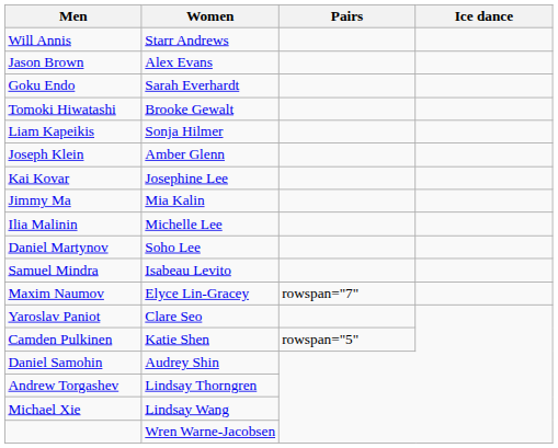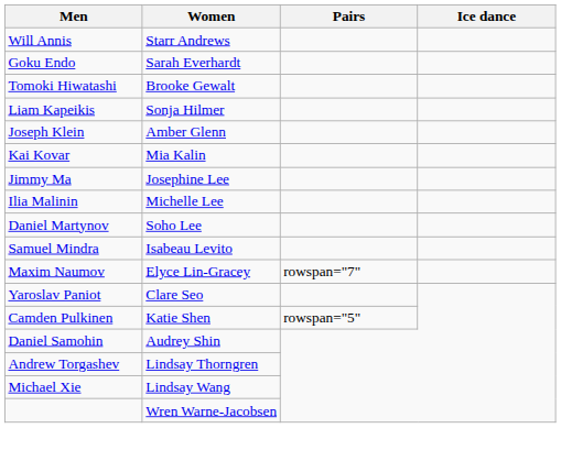 <table class="wikitable unsortable" style="text-align:left;">
 <tr>
 <th scope="col" style="width:25%">Men</th>
 <th scope="col" style="width:25%">Women</th>
 <th scope="col" style="width:25%">Pairs</th>
 <th scope="col" style="width:25%">Ice dance</th>
 </tr>
 <tr>
 <td><a href='#'>Will Annis</a></td>
 <td><a href='#'>Starr Andrews</a></td>
-<td></td>
-<td></td>
-</tr>
-<tr>
-<td><a href='#'>Jason Brown</a></td>
-<td><a href='#'>Alex Evans</a></td>
 <td></td>
 <td></td>
 </tr>
 <tr>
 <td><a href='#'>Goku Endo</a></td>
 <td><a href='#'>Sarah Everhardt</a></td>
 <td></td>
 <td></td>
 </tr>
 <tr>
 <td><a href='#'>Tomoki Hiwatashi</a></td>
 <td><a href='#'>Brooke Gewalt</a></td>
 <td></td>
 <td></td>
 </tr>
 <tr>
 <td><a href='#'>Liam Kapeikis</a></td>
 <td><a href='#'>Sonja Hilmer</a></td>
 <td></td>
 <td></td>
 </tr>
 <tr>
 <td><a href='#'>Joseph Klein</a></td>
 <td><a href='#'>Amber Glenn</a></td>
 <td></td>
 <td></td>
 </tr>
 <tr>
 <td><a href='#'>Kai Kovar</a></td>
-<td><a href='#'>Josephine Lee</a></td>
+<td><a href='#'>Mia Kalin</a></td>
 <td></td>
 <td></td>
 </tr>
 <tr>
 <td><a href='#'>Jimmy Ma</a></td>
-<td><a href='#'>Mia Kalin</a></td>
+<td><a href='#'>Josephine Lee</a></td>
 <td></td>
 <td></td>
 </tr>
 <tr>
 <td><a href='#'>Ilia Malinin</a></td>
 <td><a href='#'>Michelle Lee</a></td>
 <td></td>
 <td></td>
 </tr>
 <tr>
 <td><a href='#'>Daniel Martynov</a></td>
 <td><a href='#'>Soho Lee</a></td>
 <td></td>
 <td></td>
 </tr>
 <tr>
 <td><a href='#'>Samuel Mindra</a></td>
 <td><a href='#'>Isabeau Levito</a></td>
 <td></td>
 <td></td>
 </tr>
 <tr>
 <td><a href='#'>Maxim Naumov</a></td>
 <td><a href='#'>Elyce Lin-Gracey</a></td>
 <td>rowspan="7" </td>
 <td></td>
 </tr>
 <tr>
 <td><a href='#'>Yaroslav Paniot</a></td>
 <td><a href='#'>Clare Seo</a></td>
 <td></td>
 </tr>
 <tr>
 <td><a href='#'>Camden Pulkinen</a></td>
 <td><a href='#'>Katie Shen</a></td>
 <td>rowspan="5" </td>
 </tr>
 <tr>
 <td><a href='#'>Daniel Samohin</a></td>
 <td><a href='#'>Audrey Shin</a></td>
 </tr>
 <tr>
 <td><a href='#'>Andrew Torgashev</a></td>
 <td><a href='#'>Lindsay Thorngren</a></td>
 </tr>
 <tr>
 <td><a href='#'>Michael Xie</a></td>
 <td><a href='#'>Lindsay Wang</a></td>
 </tr>
 <tr>
 <td></td>
 <td><a href='#'>Wren Warne-Jacobsen</a></td>
 </tr>
 </table>
